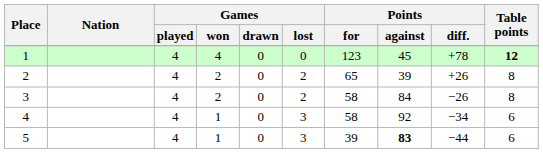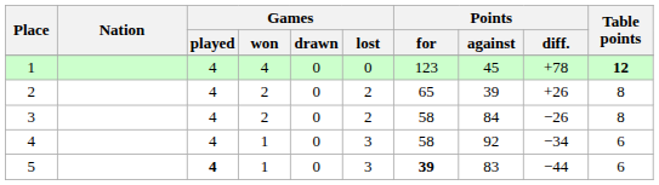 <table class="wikitable">
 <tr>
 <th rowspan=2 width="8%">Place</th>
 <th rowspan=2 width="20%">Nation</th>
 <th colspan=4 width="32%">Games</th>
 <th colspan=3 width="30%">Points</th>
 <th rowspan=2 width="10%">Table<br>points</th>
 </tr>
 <tr>
 <th width="8%">played</th>
 <th width="8%">won</th>
 <th width="8%">drawn</th>
 <th width="8%">lost</th>
 <th width="10%">for</th>
 <th width="10%">against</th>
 <th width="10%">diff.</th>
 </tr>
 <tr>
 </tr>
 <tr bgcolor=#ccffcc align=center>
 <td>1</td>
 <td align=left></td>
 <td>4</td>
 <td>4</td>
 <td>0</td>
 <td>0</td>
 <td>123</td>
 <td>45</td>
 <td>+78</td>
 <td><strong>12</strong></td>
 </tr>
 <tr bgcolor=#ffffff align=center>
 <td>2</td>
 <td align=left></td>
 <td>4</td>
 <td>2</td>
 <td>0</td>
 <td>2</td>
 <td>65</td>
 <td>39</td>
 <td>+26</td>
 <td>8</td>
 </tr>
 <tr bgcolor=#ffffFF align=center>
 <td>3</td>
 <td align=left></td>
 <td>4</td>
 <td>2</td>
 <td>0</td>
 <td>2</td>
 <td>58</td>
 <td>84</td>
 <td>−26</td>
 <td>8</td>
 </tr>
 <tr bgcolor=#ffffFF align=center>
 <td>4</td>
 <td align=left></td>
 <td>4</td>
 <td>1</td>
 <td>0</td>
 <td>3</td>
 <td>58</td>
 <td>92</td>
 <td>−34</td>
 <td>6</td>
 </tr>
 <tr bgcolor=#ffffFF align=center>
 <td>5</td>
 <td align=left></td>
-<td>4</td>
+<td><strong>4</strong></td>
 <td>1</td>
 <td>0</td>
 <td>3</td>
-<td>39</td>
-<td><strong>83</strong></td>
+<td><strong>39</strong></td>
+<td>83</td>
 <td>−44</td>
 <td>6</td>
 </tr>
 </table>
